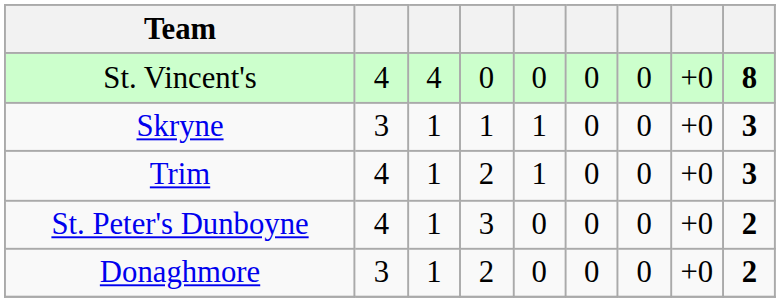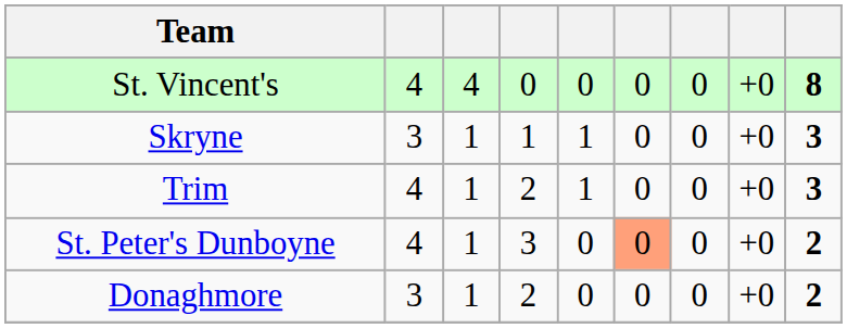 <table class="wikitable" style="text-align:center">
 <tr>
 <th style="width:175px;">Team</th>
 <th width="20"></th>
 <th width="20"></th>
 <th width="20"></th>
 <th width="20"></th>
 <th width="20"></th>
 <th width="20"></th>
 <th width="20"></th>
 <th width="20"></th>
 </tr>
 <tr style="background:#cfc;">
 <td>St. Vincent's</td>
 <td>4</td>
 <td>4</td>
 <td>0</td>
 <td>0</td>
 <td>0</td>
 <td>0</td>
 <td>+0</td>
 <td><strong>8</strong></td>
 </tr>
 <tr>
 <td><a href='#'>Skryne</a></td>
 <td>3</td>
 <td>1</td>
 <td>1</td>
 <td>1</td>
 <td>0</td>
 <td>0</td>
 <td>+0</td>
 <td><strong>3</strong></td>
 </tr>
 <tr>
 <td><a href='#'>Trim</a></td>
 <td>4</td>
 <td>1</td>
 <td>2</td>
 <td>1</td>
 <td>0</td>
 <td>0</td>
 <td>+0</td>
 <td><strong>3</strong></td>
 </tr>
 <tr>
 <td><a href='#'>St. Peter's Dunboyne</a></td>
 <td>4</td>
 <td>1</td>
 <td>3</td>
 <td>0</td>
-<td>0</td>
+<td style="background: lightsalmon;">0</td>
 <td>0</td>
 <td>+0</td>
 <td><strong>2</strong></td>
 </tr>
 <tr>
 <td><a href='#'>Donaghmore</a></td>
 <td>3</td>
 <td>1</td>
 <td>2</td>
 <td>0</td>
 <td>0</td>
 <td>0</td>
 <td>+0</td>
 <td><strong>2</strong></td>
 </tr>
 <tr>
 </tr>
 </table>
